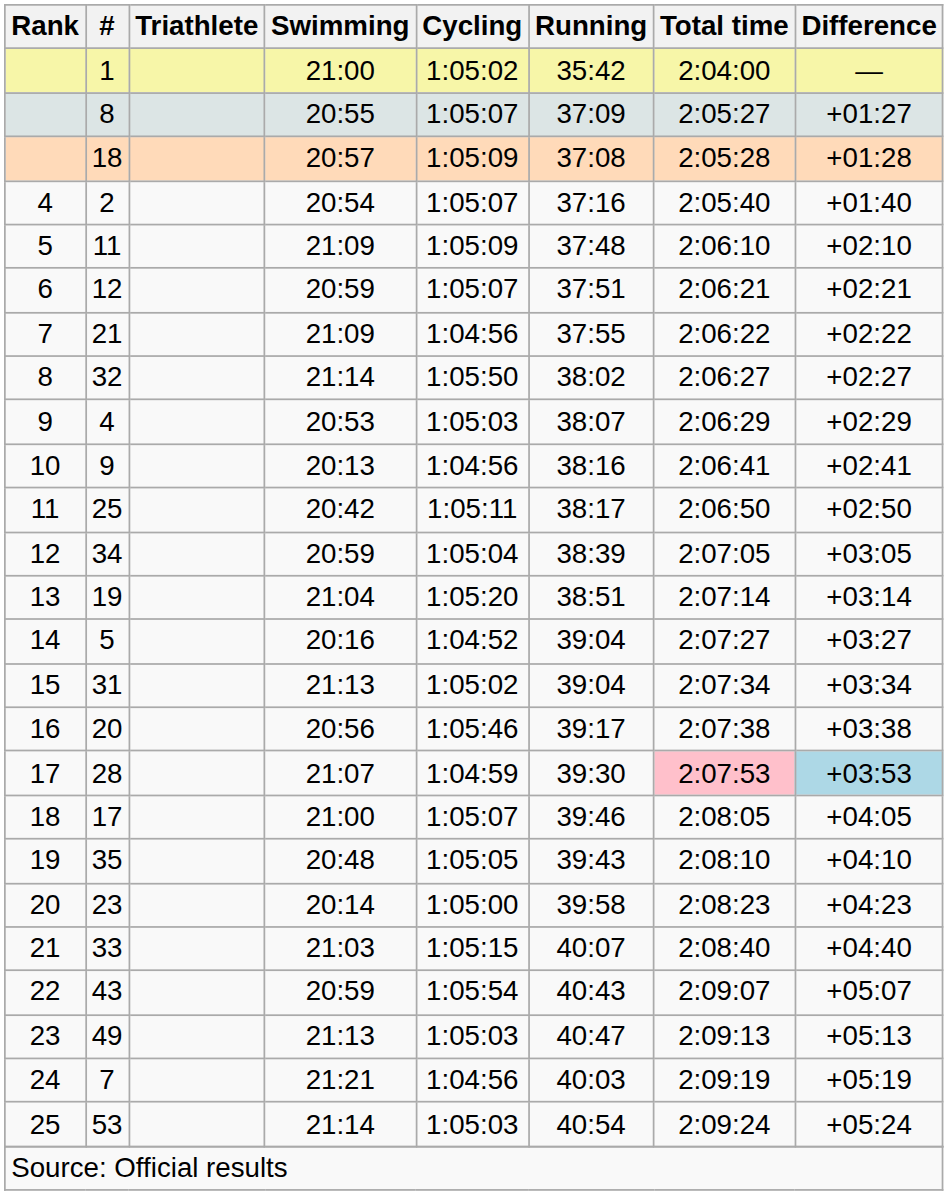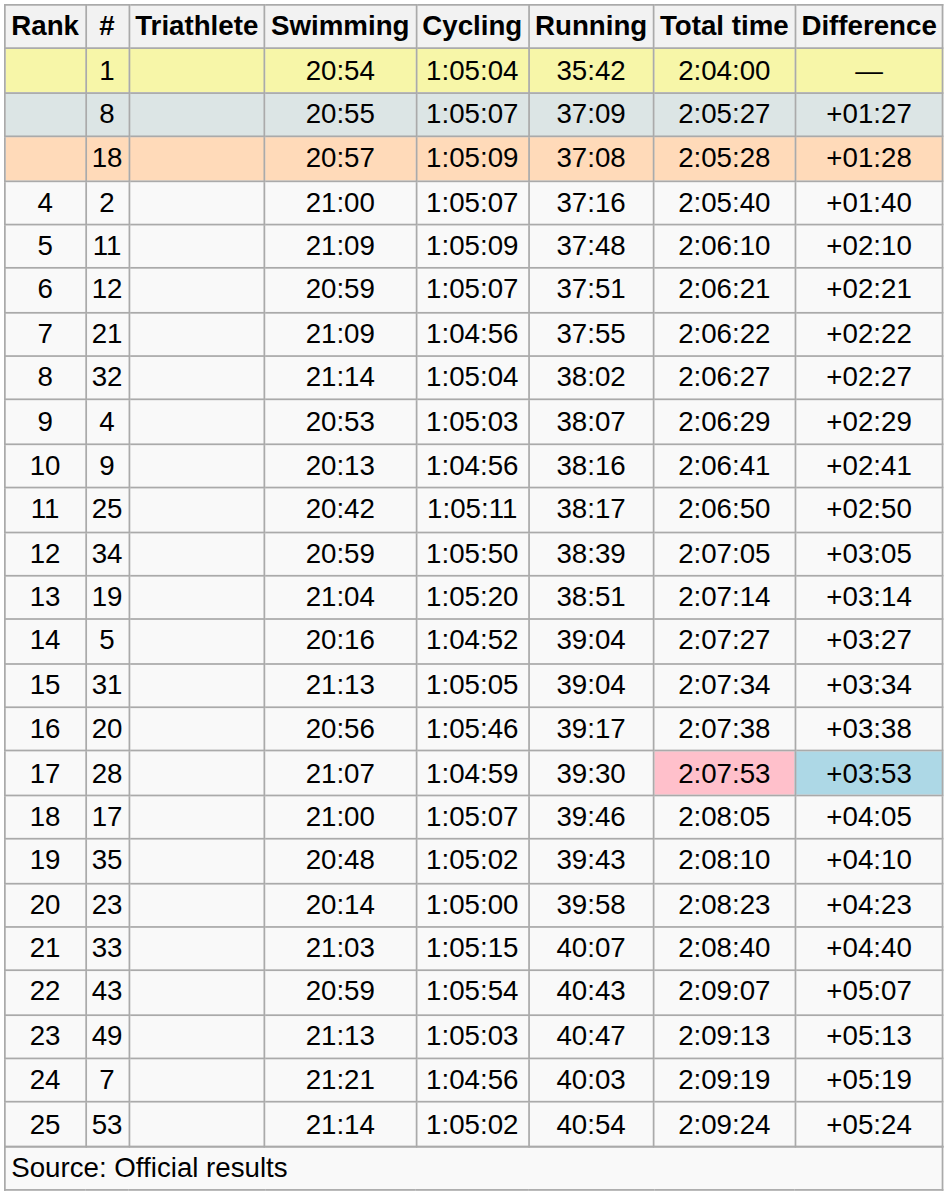 <table class="wikitable sortable" style="text-align:center">
 <tr>
 <th data-sort-type="number">Rank</th>
 <th>#</th>
 <th>Triathlete</th>
 <th>Swimming</th>
 <th>Cycling</th>
 <th>Running</th>
 <th>Total time</th>
 <th>Difference</th>
 </tr>
 <tr style="background:#F7F6A8;”">
 <td></td>
 <td>1</td>
 <td align=left></td>
-<td>21:00</td>
-<td>1:05:02</td>
+<td>20:54</td>
+<td>1:05:04</td>
 <td>35:42</td>
 <td>2:04:00</td>
 <td>—</td>
 </tr>
 <tr style="background:#DCE5E5;”">
 <td></td>
 <td>8</td>
 <td align=left></td>
 <td>20:55</td>
 <td>1:05:07</td>
 <td>37:09</td>
 <td>2:05:27</td>
 <td>+01:27</td>
 </tr>
 <tr style="background:#FFDAB9;">
 <td></td>
 <td>18</td>
 <td align=left></td>
 <td>20:57</td>
 <td>1:05:09</td>
 <td>37:08</td>
 <td>2:05:28</td>
 <td>+01:28</td>
 </tr>
 <tr>
 <td>4</td>
 <td>2</td>
 <td align=left></td>
-<td>20:54</td>
+<td>21:00</td>
 <td>1:05:07</td>
 <td>37:16</td>
 <td>2:05:40</td>
 <td>+01:40</td>
 </tr>
 <tr>
 <td>5</td>
 <td>11</td>
 <td align=left></td>
 <td>21:09</td>
 <td>1:05:09</td>
 <td>37:48</td>
 <td>2:06:10</td>
 <td>+02:10</td>
 </tr>
 <tr>
 <td>6</td>
 <td>12</td>
 <td align=left></td>
 <td>20:59</td>
 <td>1:05:07</td>
 <td>37:51</td>
 <td>2:06:21</td>
 <td>+02:21</td>
 </tr>
 <tr>
 <td>7</td>
 <td>21</td>
 <td align=left></td>
 <td>21:09</td>
 <td>1:04:56</td>
 <td>37:55</td>
 <td>2:06:22</td>
 <td>+02:22</td>
 </tr>
 <tr>
 <td>8</td>
 <td>32</td>
 <td align=left></td>
 <td>21:14</td>
-<td>1:05:50</td>
+<td>1:05:04</td>
 <td>38:02</td>
 <td>2:06:27</td>
 <td>+02:27</td>
 </tr>
 <tr>
 <td>9</td>
 <td>4</td>
 <td align=left></td>
 <td>20:53</td>
 <td>1:05:03</td>
 <td>38:07</td>
 <td>2:06:29</td>
 <td>+02:29</td>
 </tr>
 <tr>
 <td>10</td>
 <td>9</td>
 <td align=left></td>
 <td>20:13</td>
 <td>1:04:56</td>
 <td>38:16</td>
 <td>2:06:41</td>
 <td>+02:41</td>
 </tr>
 <tr>
 <td>11</td>
 <td>25</td>
 <td align=left></td>
 <td>20:42</td>
 <td>1:05:11</td>
 <td>38:17</td>
 <td>2:06:50</td>
 <td>+02:50</td>
 </tr>
 <tr>
 <td>12</td>
 <td>34</td>
 <td align=left></td>
 <td>20:59</td>
-<td>1:05:04</td>
+<td>1:05:50</td>
 <td>38:39</td>
 <td>2:07:05</td>
 <td>+03:05</td>
 </tr>
 <tr>
 <td>13</td>
 <td>19</td>
 <td align=left></td>
 <td>21:04</td>
 <td>1:05:20</td>
 <td>38:51</td>
 <td>2:07:14</td>
 <td>+03:14</td>
 </tr>
 <tr>
 <td>14</td>
 <td>5</td>
 <td align=left></td>
 <td>20:16</td>
 <td>1:04:52</td>
 <td>39:04</td>
 <td>2:07:27</td>
 <td>+03:27</td>
 </tr>
 <tr>
 <td>15</td>
 <td>31</td>
 <td align=left></td>
 <td>21:13</td>
-<td>1:05:02</td>
+<td>1:05:05</td>
 <td>39:04</td>
 <td>2:07:34</td>
 <td>+03:34</td>
 </tr>
 <tr>
 <td>16</td>
 <td>20</td>
 <td align=left></td>
 <td>20:56</td>
 <td>1:05:46</td>
 <td>39:17</td>
 <td>2:07:38</td>
 <td>+03:38</td>
 </tr>
 <tr>
 <td>17</td>
 <td>28</td>
 <td align=left></td>
 <td>21:07</td>
 <td>1:04:59</td>
 <td>39:30</td>
 <td style="background: pink;">2:07:53</td>
 <td style="background: lightblue;">+03:53</td>
 </tr>
 <tr>
 <td>18</td>
 <td>17</td>
 <td align=left></td>
 <td>21:00</td>
 <td>1:05:07</td>
 <td>39:46</td>
 <td>2:08:05</td>
 <td>+04:05</td>
 </tr>
 <tr>
 <td>19</td>
 <td>35</td>
 <td align=left></td>
 <td>20:48</td>
-<td>1:05:05</td>
+<td>1:05:02</td>
 <td>39:43</td>
 <td>2:08:10</td>
 <td>+04:10</td>
 </tr>
 <tr>
 <td>20</td>
 <td>23</td>
 <td align=left></td>
 <td>20:14</td>
 <td>1:05:00</td>
 <td>39:58</td>
 <td>2:08:23</td>
 <td>+04:23</td>
 </tr>
 <tr>
 <td>21</td>
 <td>33</td>
 <td align=left></td>
 <td>21:03</td>
 <td>1:05:15</td>
 <td>40:07</td>
 <td>2:08:40</td>
 <td>+04:40</td>
 </tr>
 <tr>
 <td>22</td>
 <td>43</td>
 <td align=left></td>
 <td>20:59</td>
 <td>1:05:54</td>
 <td>40:43</td>
 <td>2:09:07</td>
 <td>+05:07</td>
 </tr>
 <tr>
 <td>23</td>
 <td>49</td>
 <td align=left></td>
 <td>21:13</td>
 <td>1:05:03</td>
 <td>40:47</td>
 <td>2:09:13</td>
 <td>+05:13</td>
 </tr>
 <tr>
 <td>24</td>
 <td>7</td>
 <td align=left></td>
 <td>21:21</td>
 <td>1:04:56</td>
 <td>40:03</td>
 <td>2:09:19</td>
 <td>+05:19</td>
 </tr>
 <tr>
 <td>25</td>
 <td>53</td>
 <td align=left></td>
 <td>21:14</td>
-<td>1:05:03</td>
+<td>1:05:02</td>
 <td>40:54</td>
 <td>2:09:24</td>
 <td>+05:24</td>
 </tr>
 <tr>
 </tr>
 <tr class="sortbottom">
 <td colspan="9" style="text-align:left;">Source: Official results</td>
 </tr>
 </table>
